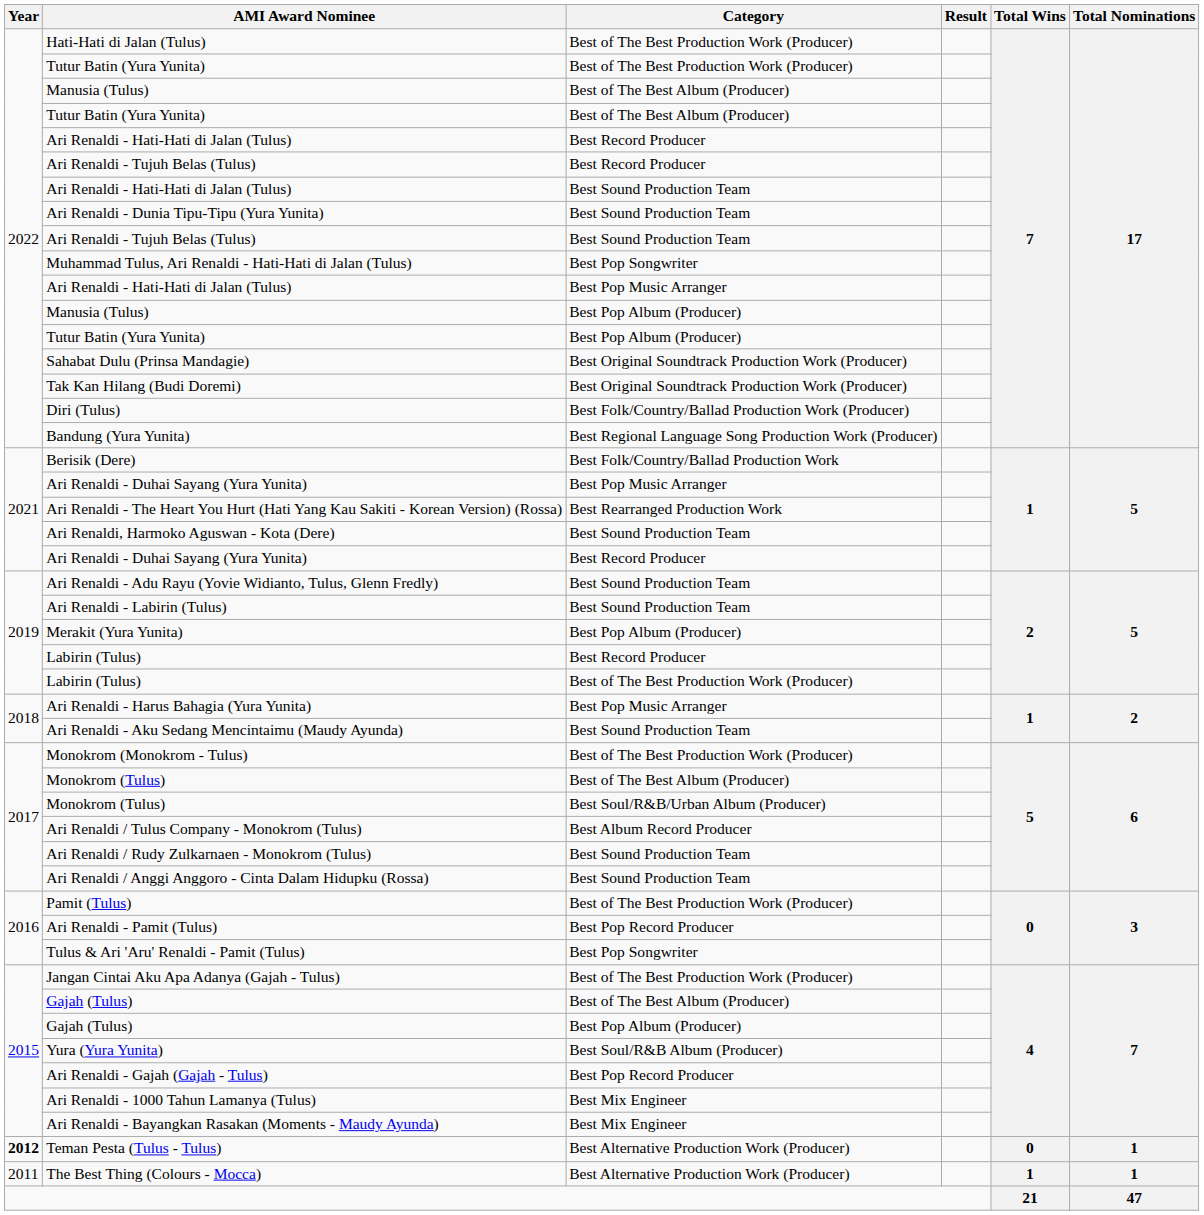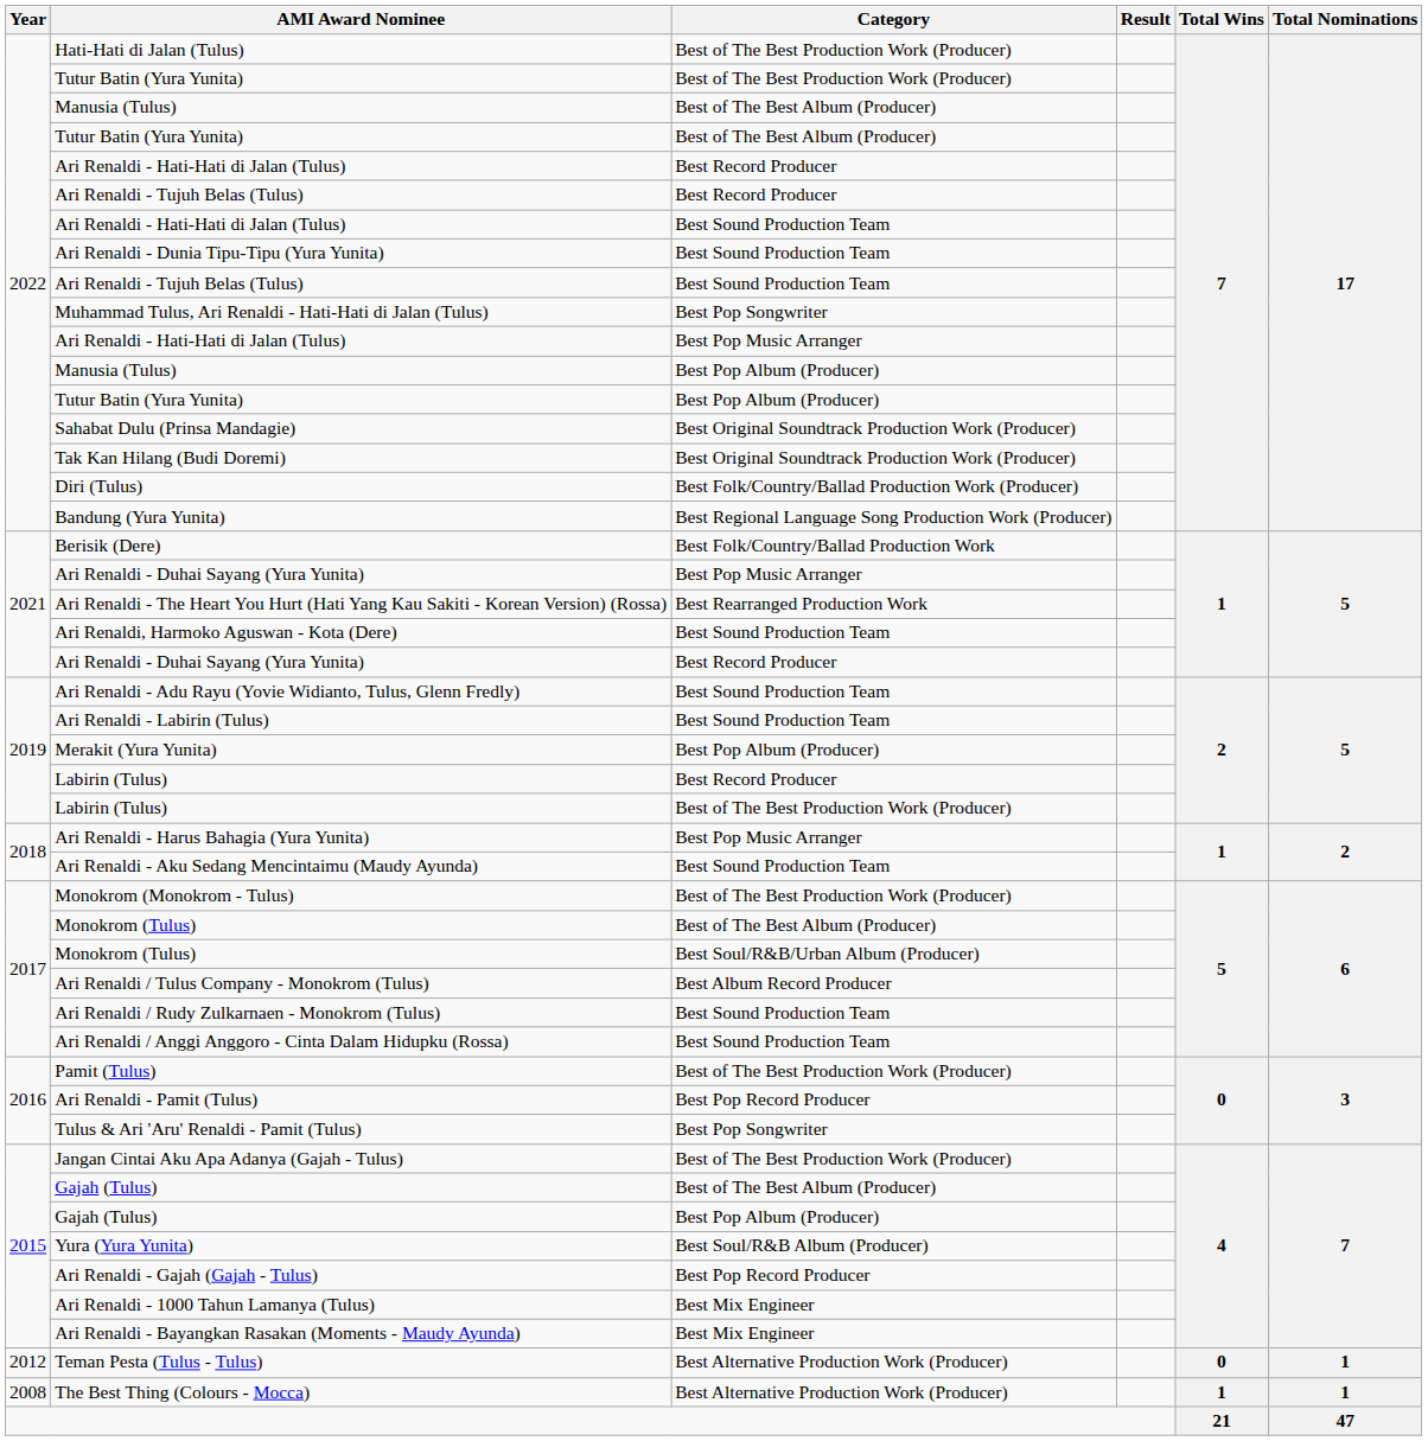 <table class="wikitable">
 <tr>
 <th>Year</th>
 <th>AMI Award Nominee</th>
 <th>Category</th>
 <th>Result</th>
 <th>Total Wins</th>
 <th>Total Nominations</th>
 </tr>
 <tr>
 <td rowspan="17">2022</td>
 <td>Hati-Hati di Jalan (Tulus)</td>
 <td>Best of The Best Production Work (Producer)</td>
 <td></td>
 <th rowspan="17">7</th>
 <th rowspan="17">17</th>
 </tr>
 <tr>
 <td>Tutur Batin (Yura Yunita)</td>
 <td>Best of The Best Production Work (Producer)</td>
 <td></td>
 </tr>
 <tr>
 <td>Manusia (Tulus)</td>
 <td>Best of The Best Album (Producer)</td>
 <td></td>
 </tr>
 <tr>
 <td>Tutur Batin (Yura Yunita)</td>
 <td>Best of The Best Album (Producer)</td>
 <td></td>
 </tr>
 <tr>
 <td>Ari Renaldi - Hati-Hati di Jalan (Tulus)</td>
 <td>Best Record Producer</td>
 <td></td>
 </tr>
 <tr>
 <td>Ari Renaldi - Tujuh Belas (Tulus)</td>
 <td>Best Record Producer</td>
 <td></td>
 </tr>
 <tr>
 <td>Ari Renaldi - Hati-Hati di Jalan (Tulus)</td>
 <td>Best Sound Production Team</td>
 <td></td>
 </tr>
 <tr>
 <td>Ari Renaldi - Dunia Tipu-Tipu (Yura Yunita)</td>
 <td>Best Sound Production Team</td>
 <td></td>
 </tr>
 <tr>
 <td>Ari Renaldi - Tujuh Belas (Tulus)</td>
 <td>Best Sound Production Team</td>
 <td></td>
 </tr>
 <tr>
 <td>Muhammad Tulus, Ari Renaldi - Hati-Hati di Jalan (Tulus)</td>
 <td>Best Pop Songwriter</td>
 <td></td>
 </tr>
 <tr>
 <td>Ari Renaldi - Hati-Hati di Jalan (Tulus)</td>
 <td>Best Pop Music Arranger</td>
 <td></td>
 </tr>
 <tr>
 <td>Manusia (Tulus)</td>
 <td>Best Pop Album (Producer)</td>
 <td></td>
 </tr>
 <tr>
 <td>Tutur Batin (Yura Yunita)</td>
 <td>Best Pop Album (Producer)</td>
 <td></td>
 </tr>
 <tr>
 <td>Sahabat Dulu (Prinsa Mandagie)</td>
 <td>Best Original Soundtrack Production Work (Producer)</td>
 <td></td>
 </tr>
 <tr>
 <td>Tak Kan Hilang (Budi Doremi)</td>
 <td>Best Original Soundtrack Production Work (Producer)</td>
 <td></td>
 </tr>
 <tr>
 <td>Diri (Tulus)</td>
 <td>Best Folk/Country/Ballad Production Work (Producer)</td>
 <td></td>
 </tr>
 <tr>
 <td>Bandung (Yura Yunita)</td>
 <td>Best Regional Language Song Production Work (Producer)</td>
 <td></td>
 </tr>
 <tr>
 <td rowspan="5">2021</td>
 <td>Berisik (Dere)</td>
 <td>Best Folk/Country/Ballad Production Work</td>
 <td></td>
 <th rowspan="5">1</th>
 <th rowspan="5">5</th>
 </tr>
 <tr>
 <td>Ari Renaldi - Duhai Sayang (Yura Yunita)</td>
 <td>Best Pop Music Arranger</td>
 <td></td>
 </tr>
 <tr>
 <td>Ari Renaldi - The Heart You Hurt (Hati Yang Kau Sakiti - Korean Version) (Rossa)</td>
 <td>Best Rearranged Production Work</td>
 <td></td>
 </tr>
 <tr>
 <td>Ari Renaldi, Harmoko Aguswan - Kota (Dere)</td>
 <td>Best Sound Production Team</td>
 <td></td>
 </tr>
 <tr>
 <td>Ari Renaldi - Duhai Sayang (Yura Yunita)</td>
 <td>Best Record Producer</td>
 <td></td>
 </tr>
 <tr>
 <td rowspan="5">2019</td>
 <td>Ari Renaldi - Adu Rayu (Yovie Widianto, Tulus, Glenn Fredly)</td>
 <td>Best Sound Production Team</td>
 <td></td>
 <th rowspan="5">2</th>
 <th rowspan="5">5</th>
 </tr>
 <tr>
 <td>Ari Renaldi - Labirin (Tulus)</td>
 <td>Best Sound Production Team</td>
 <td></td>
 </tr>
 <tr>
 <td>Merakit (Yura Yunita)</td>
 <td>Best Pop Album (Producer)</td>
 <td></td>
 </tr>
 <tr>
 <td>Labirin (Tulus)</td>
 <td>Best Record Producer</td>
 <td></td>
 </tr>
 <tr>
 <td>Labirin (Tulus)</td>
 <td>Best of The Best Production Work (Producer)</td>
 <td></td>
 </tr>
 <tr>
 <td rowspan="2">2018</td>
 <td>Ari Renaldi - Harus Bahagia (Yura Yunita)</td>
 <td>Best Pop Music Arranger</td>
 <td></td>
 <th rowspan="2">1</th>
 <th rowspan="2">2</th>
 </tr>
 <tr>
 <td>Ari Renaldi - Aku Sedang Mencintaimu (Maudy Ayunda)</td>
 <td>Best Sound Production Team</td>
 <td></td>
 </tr>
 <tr>
 <td rowspan="6">2017</td>
 <td>Monokrom (Monokrom - Tulus)</td>
 <td>Best of The Best Production Work (Producer)</td>
 <td></td>
 <th rowspan="6">5</th>
 <th rowspan="6">6</th>
 </tr>
 <tr>
 <td>Monokrom (<a href='#'>Tulus</a>)</td>
 <td>Best of The Best Album (Producer)</td>
 <td></td>
 </tr>
 <tr>
 <td>Monokrom (Tulus)</td>
 <td>Best Soul/R&B/Urban Album (Producer)</td>
 <td></td>
 </tr>
 <tr>
 <td>Ari Renaldi / Tulus Company - Monokrom (Tulus)</td>
 <td>Best Album Record Producer</td>
 <td></td>
 </tr>
 <tr>
 <td>Ari Renaldi / Rudy Zulkarnaen - Monokrom (Tulus)</td>
 <td>Best Sound Production Team</td>
 <td></td>
 </tr>
 <tr>
 <td>Ari Renaldi / Anggi Anggoro - Cinta Dalam Hidupku (Rossa)</td>
 <td>Best Sound Production Team</td>
 <td></td>
 </tr>
 <tr>
 <td rowspan="3">2016</td>
 <td>Pamit (<a href='#'>Tulus</a>)</td>
 <td>Best of The Best Production Work (Producer)</td>
 <td></td>
 <th rowspan="3">0</th>
 <th rowspan="3">3</th>
 </tr>
 <tr>
 <td>Ari Renaldi - Pamit (Tulus)</td>
 <td>Best Pop Record Producer</td>
 <td></td>
 </tr>
 <tr>
 <td>Tulus & Ari 'Aru' Renaldi - Pamit (Tulus)</td>
 <td>Best Pop Songwriter</td>
 <td></td>
 </tr>
 <tr>
 <td rowspan="7"><a href='#'>2015</a></td>
 <td>Jangan Cintai Aku Apa Adanya (Gajah - Tulus)</td>
 <td>Best of The Best Production Work (Producer)</td>
 <td></td>
 <th rowspan="7">4</th>
 <th rowspan="7">7</th>
 </tr>
 <tr>
 <td><a href='#'>Gajah</a> (<a href='#'>Tulus</a>)</td>
 <td>Best of The Best Album (Producer)</td>
 <td></td>
 </tr>
 <tr>
 <td>Gajah (Tulus)</td>
 <td>Best Pop Album (Producer)</td>
 <td></td>
 </tr>
 <tr>
 <td>Yura (<a href='#'>Yura Yunita</a>)</td>
 <td>Best Soul/R&B Album (Producer)</td>
 <td></td>
 </tr>
 <tr>
 <td>Ari Renaldi - Gajah (<a href='#'>Gajah</a> - <a href='#'>Tulus</a>)</td>
 <td>Best Pop Record Producer</td>
 <td></td>
 </tr>
 <tr>
 <td>Ari Renaldi - 1000 Tahun Lamanya (Tulus)</td>
 <td>Best Mix Engineer</td>
 <td></td>
 </tr>
 <tr>
 <td>Ari Renaldi - Bayangkan Rasakan (Moments - <a href='#'>Maudy Ayunda</a>)</td>
 <td>Best Mix Engineer</td>
 <td></td>
 </tr>
 <tr>
-<td><strong>2012</strong></td>
+<td>2012</td>
 <td>Teman Pesta (<a href='#'>Tulus</a> - <a href='#'>Tulus</a>)</td>
 <td>Best Alternative Production Work (Producer)</td>
 <td></td>
 <th>0</th>
 <th>1</th>
 </tr>
 <tr>
-<td>2011</td>
+<td>2008</td>
 <td>The Best Thing (Colours - <a href='#'>Mocca</a>)</td>
 <td>Best Alternative Production Work (Producer)</td>
 <td></td>
 <th>1</th>
 <th>1</th>
 </tr>
 <tr>
 <td colspan="4"></td>
 <th>21</th>
 <th>47</th>
 </tr>
 </table>
